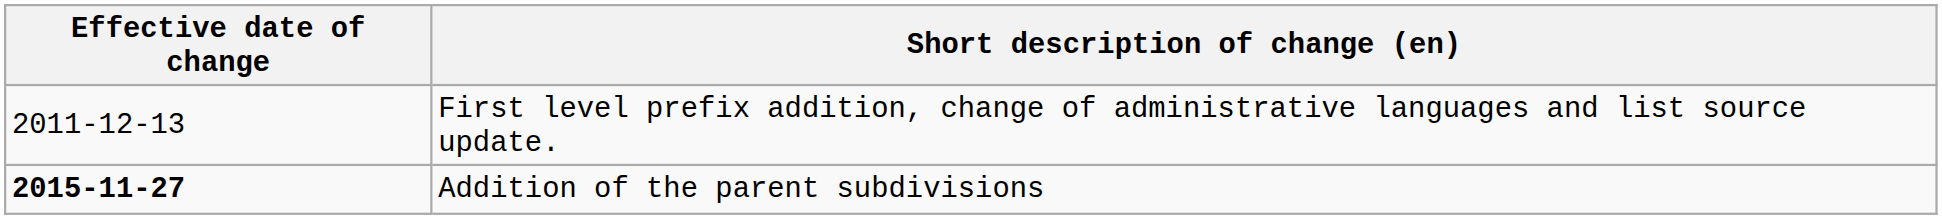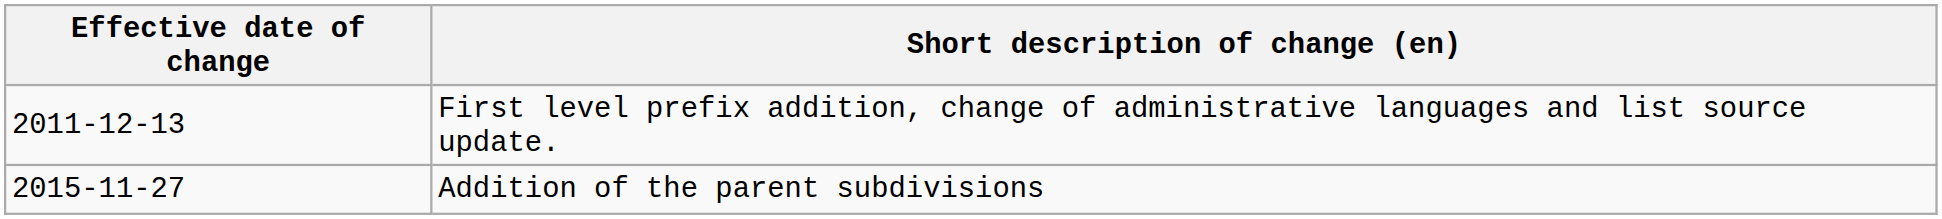 <table class="wikitable">
 <tr>
 <th>Effective date of change</th>
 <th>Short description of change (en)</th>
 </tr>
 <tr>
 <td>2011-12-13</td>
 <td>First level prefix addition, change of administrative languages and list source update.</td>
 </tr>
 <tr>
-<td><strong>2015-11-27</strong></td>
+<td>2015-11-27</td>
 <td>Addition of the parent subdivisions</td>
 </tr>
 </table>
